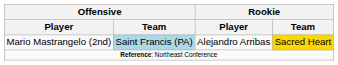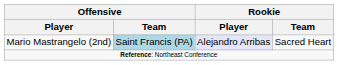 <table class="wikitable">
 <tr>
 <th colspan="2">Offensive</th>
 <th colspan="2">Rookie</th>
 </tr>
 <tr>
 <th>Player</th>
 <th>Team</th>
 <th>Player</th>
 <th>Team</th>
 </tr>
 <tr>
 <td>Mario Mastrangelo (2nd)</td>
 <td style="background: lightblue;">Saint Francis (PA)</td>
-<td>Alejandro Arribas</td>
-<td style="background: gold;">Sacred Heart</td>
+<td style="background: lavender;">Alejandro Arribas</td>
+<td>Sacred Heart</td>
 </tr>
 <tr>
 <td colspan="12"  style="font-size:8pt; text-align:center;"><strong>Reference</strong>: Northeast Conference</td>
 </tr>
 </table>
